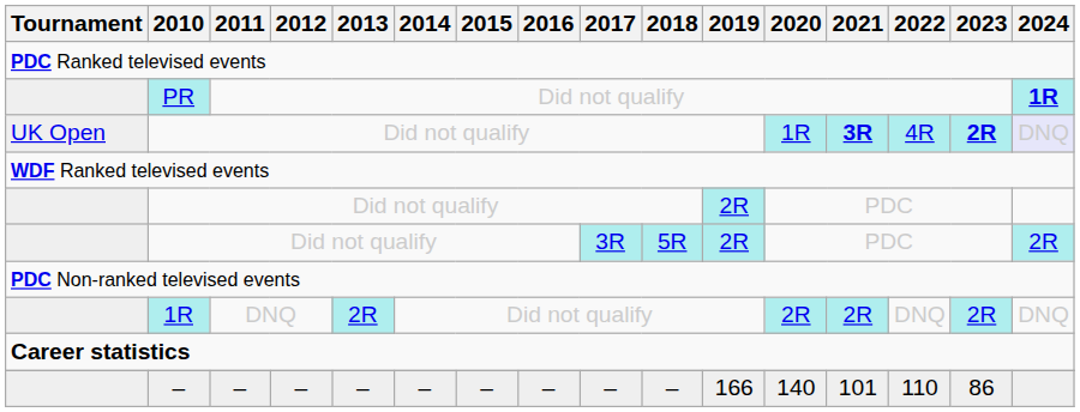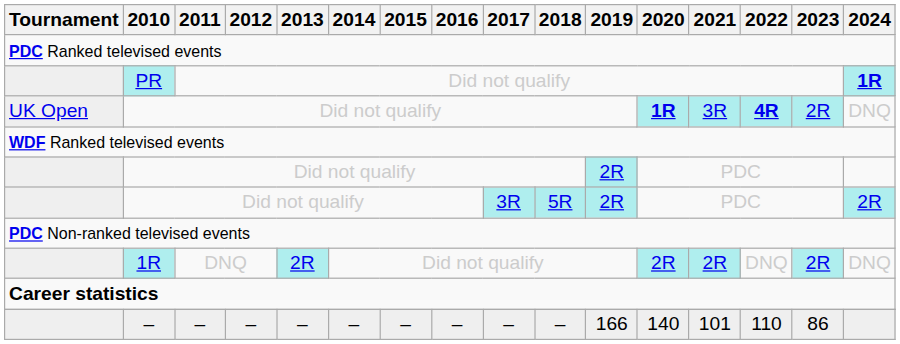 <table class="wikitable" style="width:20%; margin:0">
 <tr>
 <th>Tournament</th>
 <th>2010</th>
 <th>2011</th>
 <th>2012</th>
 <th>2013</th>
 <th>2014</th>
 <th>2015</th>
 <th>2016</th>
 <th>2017</th>
 <th>2018</th>
 <th>2019</th>
 <th>2020</th>
 <th>2021</th>
 <th>2022</th>
 <th>2023</th>
 <th>2024</th>
 </tr>
 <tr>
 <td colspan="16" style="text-align:left"><small><strong><a href='#'>PDC</a> </strong>Ranked televised events</small></td>
 </tr>
 <tr>
 <td style="background:#efefef;"></td>
 <td style="text-align:center; background:#afeeee;"><a href='#'>PR</a></td>
 <td colspan="13" style="text-align:center; color:#ccc;">Did not qualify</td>
 <td style="text-align:center; background:#afeeee;"><strong><a href='#'>1R</a></strong></td>
 </tr>
 <tr>
 <td style="background:#efefef;"><a href='#'>UK Open</a></td>
 <td colspan="10" style="text-align:center; color:#ccc;">Did not qualify</td>
-<td style="text-align:center; background:#afeeee;"><a href='#'>1R</a></td>
-<td style="text-align:center; background:#afeeee;"><strong><a href='#'>3R</a></strong></td>
-<td style="text-align:center; background:#afeeee;"><a href='#'>4R</a></td>
-<td style="text-align:center; background:#afeeee;"><strong><a href='#'>2R</a></strong></td>
-<td style="background: lavender; text-align:center; color:#ccc;">DNQ</td>
+<td style="text-align:center; background:#afeeee;"><strong><a href='#'>1R</a></strong></td>
+<td style="text-align:center; background:#afeeee;"><a href='#'>3R</a></td>
+<td style="text-align:center; background:#afeeee;"><strong><a href='#'>4R</a></strong></td>
+<td style="text-align:center; background:#afeeee;"><a href='#'>2R</a></td>
+<td style="text-align:center; color:#ccc;">DNQ</td>
 </tr>
 <tr>
 <td colspan="16" style="text-align:left"><small><strong><a href='#'>WDF</a> </strong>Ranked televised events</small></td>
 </tr>
 <tr>
 <td style="background:#efefef;"></td>
 <td colspan="9" style="text-align:center; color:#ccc;">Did not qualify</td>
 <td style="text-align:center; background:#afeeee;"><a href='#'>2R</a></td>
 <td colspan="4" style="text-align:center; color:#ccc;">PDC</td>
 <td></td>
 </tr>
 <tr>
 <td style="background:#efefef;"></td>
 <td colspan="7" style="text-align:center; color:#ccc;">Did not qualify</td>
 <td style="text-align:center; background:#afeeee;"><a href='#'>3R</a></td>
 <td style="text-align:center; background:#afeeee;"><a href='#'>5R</a></td>
 <td style="text-align:center; background:#afeeee;"><a href='#'>2R</a></td>
 <td colspan="4" style="text-align:center; color:#ccc;">PDC</td>
 <td style="text-align:center; background:#afeeee;"><a href='#'>2R</a></td>
 </tr>
 <tr>
 <td colspan="16" style="text-align:left"><small><strong><a href='#'>PDC</a> </strong>Non-ranked televised events</small></td>
 </tr>
 <tr>
 <td style="background:#efefef;"></td>
 <td style="text-align:center; background:#afeeee;"><a href='#'>1R</a></td>
 <td colspan="2" style="text-align:center; color:#ccc;">DNQ</td>
 <td style="text-align:center; background:#afeeee;"><a href='#'>2R</a></td>
 <td colspan="6" style="text-align:center; color:#ccc;">Did not qualify</td>
 <td style="text-align:center; background:#afeeee;"><a href='#'>2R</a></td>
 <td style="text-align:center; background:#afeeee;"><a href='#'>2R</a></td>
 <td style="text-align:center; color:#ccc;">DNQ</td>
 <td style="text-align:center; background:#afeeee;"><a href='#'>2R</a></td>
 <td style="text-align:center; color:#ccc;">DNQ</td>
 </tr>
 <tr>
 <td colspan="16" style="text-align:left"><strong>Career statistics</strong></td>
 </tr>
 <tr>
 </tr>
 <tr style="background:#efefef">
 <td style="text-align:left"><strong></strong></td>
 <td style="text-align:center;">–</td>
 <td style="text-align:center;">–</td>
 <td style="text-align:center;">–</td>
 <td style="text-align:center;">–</td>
 <td style="text-align:center;">–</td>
 <td style="text-align:center;">–</td>
 <td style="text-align:center;">–</td>
 <td style="text-align:center;">–</td>
 <td style="text-align:center;">–</td>
 <td style="text-align:center;">166</td>
 <td style="text-align:center;">140</td>
 <td style="text-align:center;">101</td>
 <td style="text-align:center;">110</td>
 <td style="text-align:center;">86</td>
 <td></td>
 </tr>
 </table>
